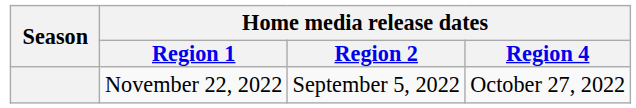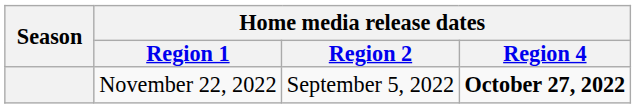 <table class="wikitable plainrowheaders" style="float:right; text-align:center; margin:10px;">
 <tr>
 <th scope="col" style="padding:0 8px;" rowspan="2">Season</th>
 <th scope="col" colspan="3">Home media release dates</th>
 </tr>
 <tr>
 <th scope="col" style="padding: 0 8px"><a href='#'>Region 1</a></th>
 <th scope="col" style="padding: 0 8px"><a href='#'>Region 2</a></th>
 <th scope="col" style="padding: 0 8px"><a href='#'>Region 4</a></th>
 </tr>
 <tr>
 <th></th>
 <td>November 22, 2022</td>
 <td>September 5, 2022</td>
-<td>October 27, 2022</td>
+<td><strong>October 27, 2022</strong></td>
 </tr>
 </table>
